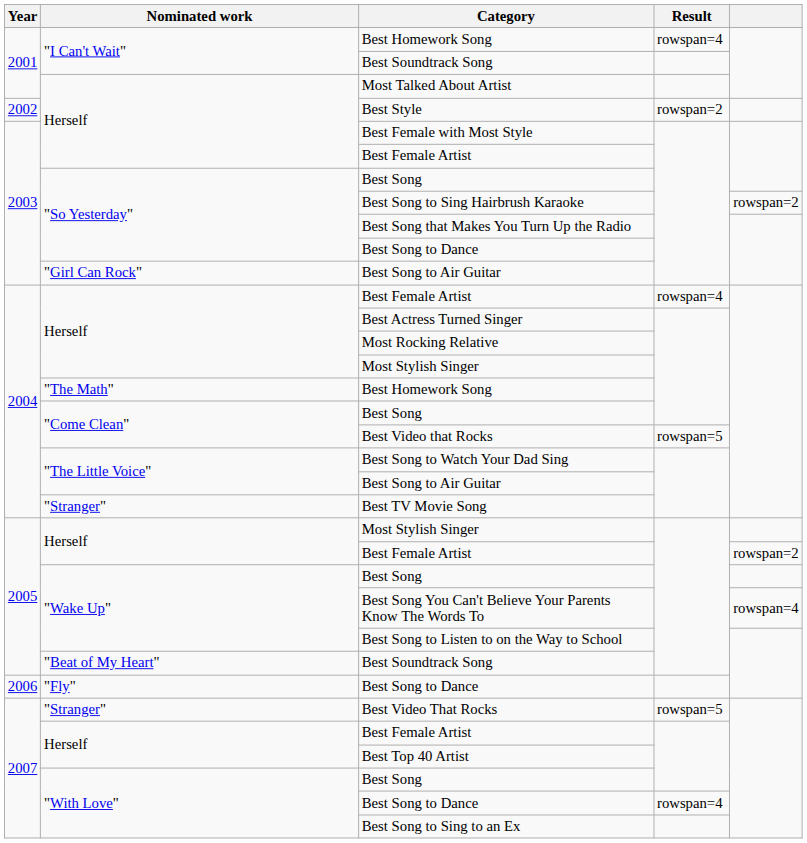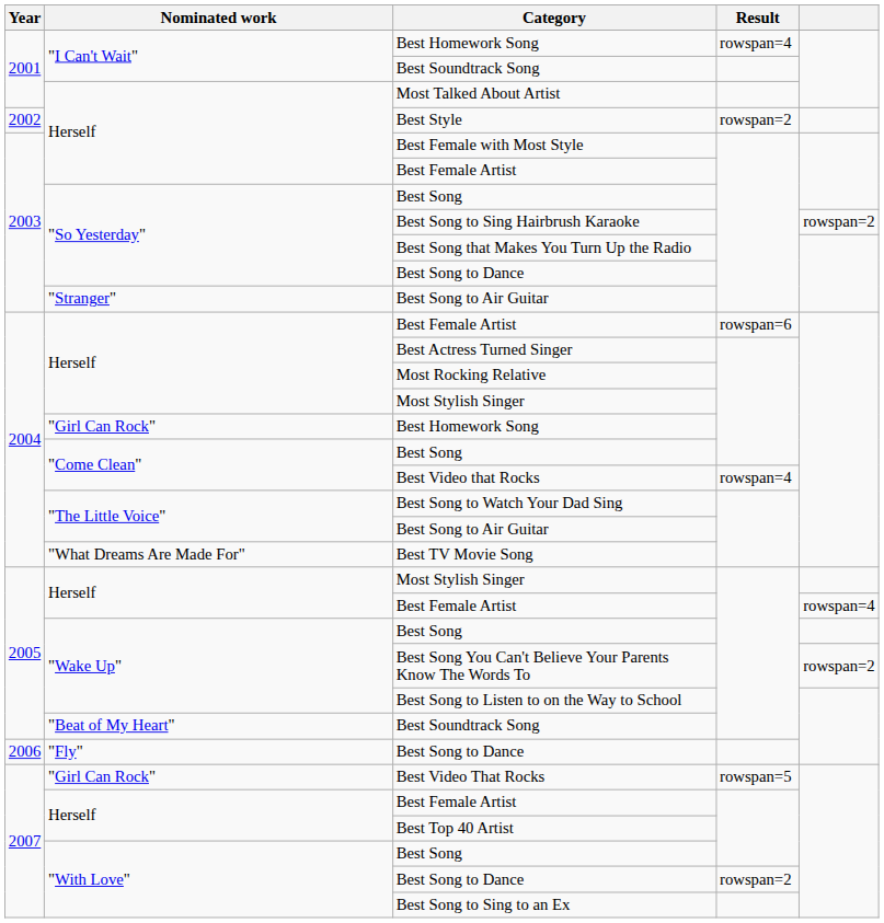 <table class="wikitable sortable">
 <tr>
 <th scope="col" style="width:1em;">Year</th>
 <th scope="col" style="width:39em;">Nominated work</th>
 <th scope="col" style="width:36em;">Category</th>
 <th scope="col" style="width:5em;">Result</th>
 <th scope="col" style="width:2em;" class="unsortable"></th>
 </tr>
 <tr>
 <td rowspan=3><a href='#'>2001</a></td>
 <td rowspan=2>"<a href='#'>I Can't Wait</a>"</td>
 <td>Best Homework Song</td>
 <td>rowspan=4 </td>
 <td style="text-align:center;" rowspan=3></td>
 </tr>
 <tr>
 <td>Best Soundtrack Song</td>
 </tr>
 <tr>
 <td rowspan=4>Herself</td>
 <td>Most Talked About Artist</td>
 <td></td>
 </tr>
 <tr>
 <td><a href='#'>2002</a></td>
 <td>Best Style</td>
 <td>rowspan=2 </td>
 <td style="text-align:center;"></td>
 </tr>
 <tr>
 <td rowspan=7><a href='#'>2003</a></td>
 <td>Best Female with Most Style</td>
 <td style="text-align:center;" rowspan=7></td>
 </tr>
 <tr>
 <td>Best Female Artist</td>
 </tr>
 <tr>
 <td rowspan=4>"<a href='#'>So Yesterday</a>"</td>
 <td>Best Song</td>
 </tr>
 <tr>
 <td>Best Song to Sing Hairbrush Karaoke</td>
 <td>rowspan=2 </td>
 </tr>
 <tr>
 <td>Best Song that Makes You Turn Up the Radio</td>
 </tr>
 <tr>
 <td>Best Song to Dance</td>
 </tr>
 <tr>
-<td>"<a href='#'>Girl Can Rock</a>"</td>
+<td>"<a href='#'>Stranger</a>"</td>
 <td>Best Song to Air Guitar</td>
 </tr>
 <tr>
 <td rowspan=10><a href='#'>2004</a></td>
 <td rowspan=4>Herself</td>
 <td>Best Female Artist</td>
-<td>rowspan=4 </td>
+<td>rowspan=6 </td>
 <td style="text-align:center;" rowspan=10></td>
 </tr>
 <tr>
 <td>Best Actress Turned Singer</td>
 </tr>
 <tr>
 <td>Most Rocking Relative</td>
 </tr>
 <tr>
 <td>Most Stylish Singer</td>
 </tr>
 <tr>
-<td>"<a href='#'>The Math</a>"</td>
+<td>"<a href='#'>Girl Can Rock</a>"</td>
 <td>Best Homework Song</td>
 </tr>
 <tr>
 <td rowspan=2>"<a href='#'>Come Clean</a>"</td>
 <td>Best Song</td>
 </tr>
 <tr>
 <td>Best Video that Rocks</td>
-<td>rowspan=5 </td>
+<td>rowspan=4 </td>
 </tr>
 <tr>
 <td rowspan=2>"<a href='#'>The Little Voice</a>"</td>
 <td>Best Song to Watch Your Dad Sing</td>
 </tr>
 <tr>
 <td>Best Song to Air Guitar</td>
 </tr>
 <tr>
-<td>"<a href='#'>Stranger</a>"</td>
+<td>"What Dreams Are Made For"</td>
 <td>Best TV Movie Song</td>
 </tr>
 <tr>
 <td rowspan=6><a href='#'>2005</a></td>
 <td rowspan=2>Herself</td>
 <td>Most Stylish Singer</td>
 <td style="text-align:center;" rowspan=6></td>
 </tr>
 <tr>
 <td>Best Female Artist</td>
-<td>rowspan=2 </td>
+<td>rowspan=4 </td>
 </tr>
 <tr>
 <td rowspan=3>"<a href='#'>Wake Up</a>"</td>
 <td>Best Song</td>
 </tr>
 <tr>
 <td>Best Song You Can't Believe Your Parents Know The Words To</td>
-<td>rowspan=4 </td>
+<td>rowspan=2 </td>
 </tr>
 <tr>
 <td>Best Song to Listen to on the Way to School</td>
 </tr>
 <tr>
 <td>"<a href='#'>Beat of My Heart</a>"</td>
 <td>Best Soundtrack Song</td>
 </tr>
 <tr>
 <td><a href='#'>2006</a></td>
 <td>"<a href='#'>Fly</a>"</td>
 <td>Best Song to Dance</td>
 <td style="text-align:center;"></td>
 </tr>
 <tr>
 <td rowspan=6><a href='#'>2007</a></td>
-<td>"<a href='#'>Stranger</a>"</td>
+<td>"<a href='#'>Girl Can Rock</a>"</td>
 <td>Best Video That Rocks</td>
 <td>rowspan=5 </td>
 <td style="text-align:center;" rowspan=6></td>
 </tr>
 <tr>
 <td rowspan=2>Herself</td>
 <td>Best Female Artist</td>
 </tr>
 <tr>
 <td>Best Top 40 Artist</td>
 </tr>
 <tr>
 <td rowspan=3>"<a href='#'>With Love</a>"</td>
 <td>Best Song</td>
 </tr>
 <tr>
 <td>Best Song to Dance</td>
-<td>rowspan=4 </td>
+<td>rowspan=2 </td>
 </tr>
 <tr>
 <td>Best Song to Sing to an Ex</td>
 </tr>
 </table>
